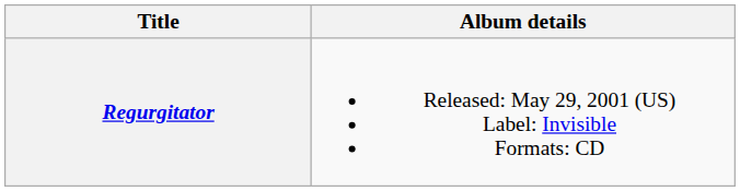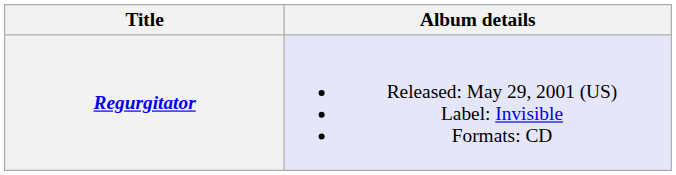 <table class="wikitable plainrowheaders" style="text-align:center;">
 <tr>
 <th scope="col" rowspan="1" style="width:14em;">Title</th>
 <th scope="col" rowspan="1" style="width:19.5em;">Album details</th>
 </tr>
 <tr>
 <th scope="row"><em><a href='#'>Regurgitator</a></em></th>
-<td><br><ul><li>Released: May 29, 2001 <span>(US)</span></li><li>Label: <a href='#'>Invisible</a></li><li>Formats: CD</li></ul></td>
+<td style="background: lavender;"><br><ul><li>Released: May 29, 2001 <span>(US)</span></li><li>Label: <a href='#'>Invisible</a></li><li>Formats: CD</li></ul></td>
 </tr>
 </table>
